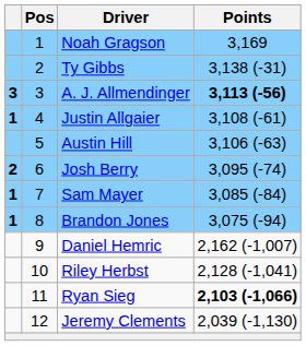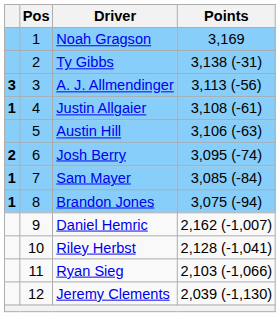 <table class="wikitable" style="font-size: 95%;">
 <tr>
 <th></th>
 <th>Pos</th>
 <th>Driver</th>
 <th>Points</th>
 </tr>
 <tr style="background:#87CEFA;">
 <td align="left"></td>
 <td style="text-align:center;">1</td>
 <td><a href='#'>Noah Gragson</a></td>
 <td style="text-align:center;">3,169</td>
 </tr>
 <tr style="background:#87CEFA;">
 <td align="left"></td>
 <td style="text-align:center;">2</td>
 <td><a href='#'>Ty Gibbs</a></td>
 <td style="text-align:center;">3,138 (-31)</td>
 </tr>
 <tr style="background:#87CEFA;">
 <td align="left"> <strong>3</strong></td>
 <td style="text-align:center;">3</td>
 <td><a href='#'>A. J. Allmendinger</a></td>
-<td style="text-align:center;"><strong>3,113 (-56)</strong></td>
+<td style="text-align:center;">3,113 (-56)</td>
 </tr>
 <tr style="background:#87CEFA;">
 <td align="left"> <strong>1</strong></td>
 <td style="text-align:center;">4</td>
 <td><a href='#'>Justin Allgaier</a></td>
 <td style="text-align:center;">3,108 (-61)</td>
 </tr>
 <tr style="background:#87CEFA;">
 <td align="left"></td>
 <td style="text-align:center;">5</td>
 <td><a href='#'>Austin Hill</a></td>
 <td style="text-align:center;">3,106 (-63)</td>
 </tr>
 <tr style="background:#87CEFA;">
 <td align="left"> <strong>2</strong></td>
 <td style="text-align:center;">6</td>
 <td><a href='#'>Josh Berry</a></td>
 <td style="text-align:center;">3,095 (-74)</td>
 </tr>
 <tr style="background:#87CEFA;">
 <td align="left"> <strong>1</strong></td>
 <td style="text-align:center;">7</td>
 <td><a href='#'>Sam Mayer</a></td>
 <td style="text-align:center;">3,085 (-84)</td>
 </tr>
 <tr style="background:#87CEFA;">
 <td align="left"> <strong>1</strong></td>
 <td style="text-align:center;">8</td>
 <td><a href='#'>Brandon Jones</a></td>
 <td style="text-align:center;">3,075 (-94)</td>
 </tr>
 <tr>
 <td align="left"></td>
 <td style="text-align:center;">9</td>
 <td><a href='#'>Daniel Hemric</a></td>
 <td style="text-align:center;">2,162 (-1,007)</td>
 </tr>
 <tr>
 <td align="left"></td>
 <td style="text-align:center;">10</td>
 <td><a href='#'>Riley Herbst</a></td>
 <td style="text-align:center;">2,128 (-1,041)</td>
 </tr>
 <tr>
 <td align="left"></td>
 <td style="text-align:center;">11</td>
 <td><a href='#'>Ryan Sieg</a></td>
-<td style="text-align:center;"><strong>2,103 (-1,066)</strong></td>
+<td style="text-align:center;">2,103 (-1,066)</td>
 </tr>
 <tr>
 <td align="left"></td>
 <td style="text-align:center;">12</td>
 <td><a href='#'>Jeremy Clements</a></td>
 <td style="text-align:center;">2,039 (-1,130)</td>
 </tr>
 <tr class="sortbottom">
 <th colspan="9"></th>
 </tr>
 </table>
